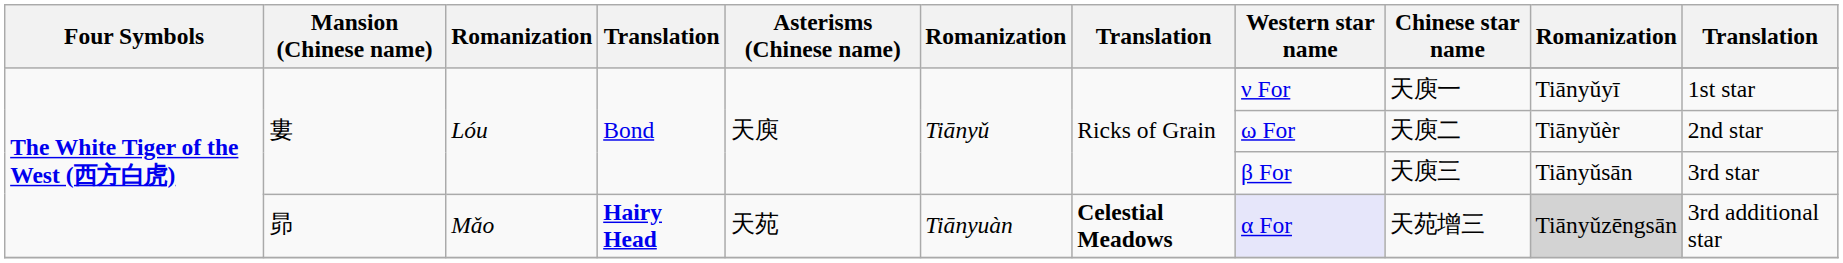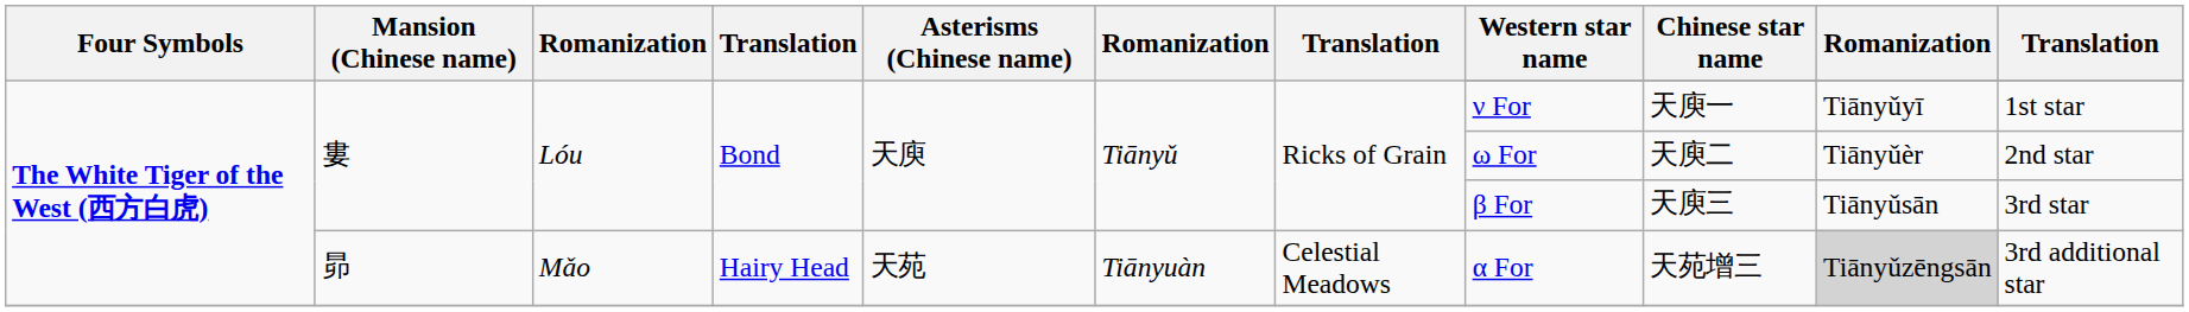 <table class="wikitable">
 <tr>
 <th><strong>Four Symbols</strong></th>
 <th><strong>Mansion (Chinese name)</strong></th>
 <th><strong>Romanization</strong></th>
 <th><strong>Translation</strong></th>
 <th><strong>Asterisms (Chinese name)</strong></th>
 <th><strong>Romanization</strong></th>
 <th><strong>Translation</strong></th>
 <th><strong>Western star name</strong></th>
 <th><strong>Chinese star name</strong></th>
 <th><strong>Romanization</strong></th>
 <th><strong>Translation</strong></th>
 </tr>
 <tr>
 <td rowspan="5"><strong><a href='#'>The White Tiger of the West (西方白虎)</a></strong></td>
 <td rowspan="4">婁</td>
 <td rowspan="4"><em>Lóu</em></td>
 <td rowspan="4"><a href='#'>Bond</a></td>
 <td rowspan="4">天庾</td>
 <td rowspan="4"><em>Tiānyǔ</em></td>
 <td rowspan="4">Ricks of Grain</td>
 </tr>
 <tr>
 <td><a href='#'>ν For</a></td>
 <td>天庾一</td>
 <td>Tiānyǔyī</td>
 <td>1st star</td>
 </tr>
 <tr>
 <td><a href='#'>ω For</a></td>
 <td>天庾二</td>
 <td>Tiānyǔèr</td>
 <td>2nd star</td>
 </tr>
 <tr>
 <td><a href='#'>β For</a></td>
 <td>天庾三</td>
 <td>Tiānyǔsān</td>
 <td>3rd star</td>
 </tr>
 <tr>
 <td>昴</td>
 <td><em>Mǎo</em></td>
-<td><strong><a href='#'>Hairy Head</a></strong></td>
+<td><a href='#'>Hairy Head</a></td>
 <td>天苑</td>
 <td><em>Tiānyuàn</em></td>
-<td><strong>Celestial Meadows</strong></td>
-<td style="background: lavender;"><a href='#'>α For</a></td>
+<td>Celestial Meadows</td>
+<td><a href='#'>α For</a></td>
 <td>天苑增三</td>
 <td style="background: lightgrey;">Tiānyǔzēngsān</td>
 <td>3rd additional star</td>
 </tr>
 <tr>
 </tr>
 </table>
